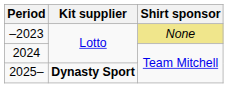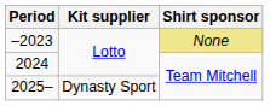 <table class="wikitable" style="text-align: center">
 <tr>
 <th>Period</th>
 <th>Kit supplier</th>
 <th>Shirt sponsor</th>
 </tr>
 <tr>
 <td>–2023</td>
 <td rowspan="2"><a href='#'>Lotto</a></td>
 <td style="background: khaki;"><em>None</em></td>
 </tr>
 <tr>
 <td>2024</td>
 <td rowspan="2"><a href='#'>Team Mitchell</a></td>
 </tr>
 <tr>
 <td>2025–</td>
-<td><strong>Dynasty Sport</strong></td>
+<td>Dynasty Sport</td>
 </tr>
 </table>
